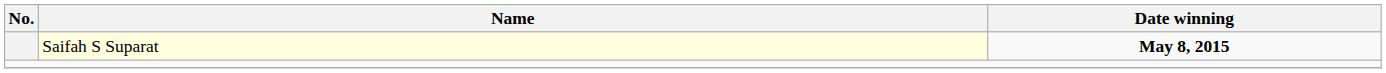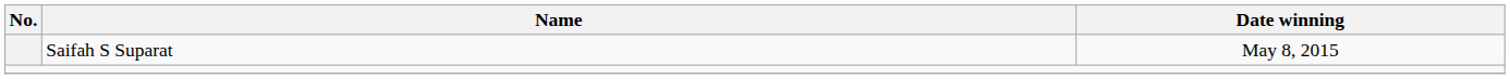 <table class="wikitable" width=100%>
 <tr>
 <th style="width:1%;">No.</th>
 <th style="width:70%;">Name</th>
 <th style="width:29%;">Date winning</th>
 </tr>
 <tr align=center>
 <th></th>
-<td align=left style="background: lightyellow;"> Saifah S Suparat</td>
-<td><strong>May 8, 2015</strong></td>
+<td align=left> Saifah S Suparat</td>
+<td>May 8, 2015</td>
 </tr>
 <tr>
 <td colspan="6"></td>
 </tr>
 <tr>
 </tr>
 </table>
